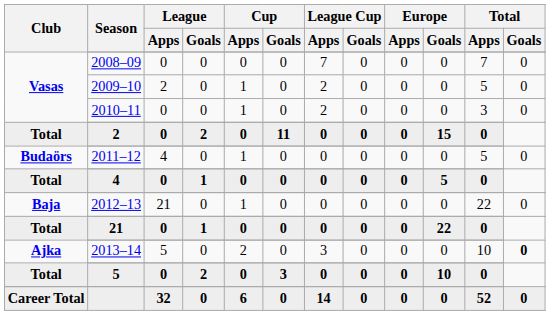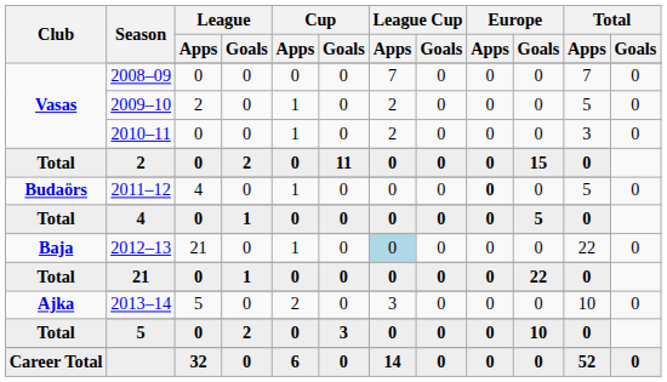 <table class="wikitable" style="font-size:90%; text-align: center;">
 <tr>
 <th rowspan="2">Club</th>
 <th rowspan="2">Season</th>
 <th colspan="2">League</th>
 <th colspan="2">Cup</th>
 <th colspan="2">League Cup</th>
 <th colspan="2">Europe</th>
 <th colspan="2">Total</th>
 </tr>
 <tr>
 <th>Apps</th>
 <th>Goals</th>
 <th>Apps</th>
 <th>Goals</th>
 <th>Apps</th>
 <th>Goals</th>
 <th>Apps</th>
 <th>Goals</th>
 <th>Apps</th>
 <th>Goals</th>
 </tr>
 <tr ||-||-||-|->
 <td rowspan="5" valign="center"><strong><a href='#'>Vasas</a></strong></td>
 </tr>
 <tr>
 <td><a href='#'>2008–09</a></td>
 <td>0</td>
 <td>0</td>
 <td>0</td>
 <td>0</td>
 <td>7</td>
 <td>0</td>
 <td>0</td>
 <td>0</td>
 <td>7</td>
 <td>0</td>
 </tr>
 <tr>
 <td><a href='#'>2009–10</a></td>
 <td>2</td>
 <td>0</td>
 <td>1</td>
 <td>0</td>
 <td>2</td>
 <td>0</td>
 <td>0</td>
 <td>0</td>
 <td>5</td>
 <td>0</td>
 </tr>
 <tr>
 <td><a href='#'>2010–11</a></td>
 <td>0</td>
 <td>0</td>
 <td>1</td>
 <td>0</td>
 <td>2</td>
 <td>0</td>
 <td>0</td>
 <td>0</td>
 <td>3</td>
 <td>0</td>
 </tr>
 <tr>
 </tr>
 <tr style="font-weight:bold; background-color:#eeeeee;">
 <td>Total</td>
 <td>2</td>
 <td>0</td>
 <td>2</td>
 <td>0</td>
 <td>11</td>
 <td>0</td>
 <td>0</td>
 <td>0</td>
 <td>15</td>
 <td>0</td>
 </tr>
 <tr>
 <td rowspan="3" valign="center"><strong><a href='#'>Budaörs</a></strong></td>
 </tr>
 <tr>
 <td><a href='#'>2011–12</a></td>
 <td>4</td>
 <td>0</td>
 <td>1</td>
 <td>0</td>
 <td>0</td>
 <td>0</td>
-<td>0</td>
+<td><strong>0</strong></td>
 <td>0</td>
 <td>5</td>
 <td>0</td>
 </tr>
 <tr>
 </tr>
 <tr style="font-weight:bold; background-color:#eeeeee;">
 <td>Total</td>
 <td>4</td>
 <td>0</td>
 <td>1</td>
 <td>0</td>
 <td>0</td>
 <td>0</td>
 <td>0</td>
 <td>0</td>
 <td>5</td>
 <td>0</td>
 </tr>
 <tr>
 <td rowspan="3" valign="center"><strong><a href='#'>Baja</a></strong></td>
 </tr>
 <tr>
 <td><a href='#'>2012–13</a></td>
 <td>21</td>
 <td>0</td>
 <td>1</td>
 <td>0</td>
-<td>0</td>
+<td style="background: lightblue;">0</td>
 <td>0</td>
 <td>0</td>
 <td>0</td>
 <td>22</td>
 <td>0</td>
 </tr>
 <tr>
 </tr>
 <tr style="font-weight:bold; background-color:#eeeeee;">
 <td>Total</td>
 <td>21</td>
 <td>0</td>
 <td>1</td>
 <td>0</td>
 <td>0</td>
 <td>0</td>
 <td>0</td>
 <td>0</td>
 <td>22</td>
 <td>0</td>
 </tr>
 <tr>
 <td rowspan="3" valign="center"><strong><a href='#'>Ajka</a></strong></td>
 </tr>
 <tr>
 <td><a href='#'>2013–14</a></td>
 <td>5</td>
 <td>0</td>
 <td>2</td>
 <td>0</td>
 <td>3</td>
 <td>0</td>
 <td>0</td>
 <td>0</td>
 <td>10</td>
-<td><strong>0</strong></td>
+<td>0</td>
 </tr>
 <tr>
 </tr>
 <tr style="font-weight:bold; background-color:#eeeeee;">
 <td>Total</td>
 <td>5</td>
 <td>0</td>
 <td>2</td>
 <td>0</td>
 <td>3</td>
 <td>0</td>
 <td>0</td>
 <td>0</td>
 <td>10</td>
 <td>0</td>
 </tr>
 <tr>
 </tr>
 <tr style="font-weight:bold; background-color:#eeeeee;">
 <td rowspan="2" valign="top"><strong>Career Total</strong></td>
 <td></td>
 <td><strong>32</strong></td>
 <td><strong>0</strong></td>
 <td><strong>6</strong></td>
 <td><strong>0</strong></td>
 <td><strong>14</strong></td>
 <td><strong>0</strong></td>
 <td><strong>0</strong></td>
 <td><strong>0</strong></td>
 <td><strong>52</strong></td>
 <td><strong>0</strong></td>
 </tr>
 </table>
